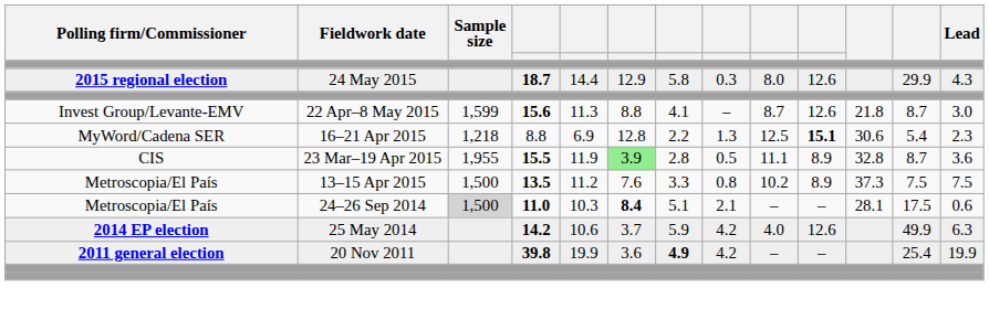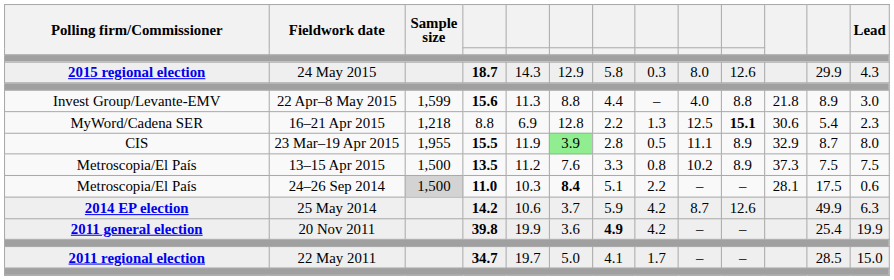 <table class="wikitable collapsible collapsed" style="text-align:center; font-size:90%; line-height:14px;">
 <tr style="height:42px;">
 <th style="width:250px;" rowspan="2">Polling firm/Commissioner</th>
 <th style="width:125px;" rowspan="2">Fieldwork date</th>
 <th style="width:50px;" rowspan="2">Sample size</th>
 <th style="width:35px;"></th>
 <th style="width:35px;"></th>
 <th style="width:35px;"></th>
 <th style="width:35px;"></th>
 <th style="width:35px;"></th>
 <th style="width:35px;"></th>
 <th style="width:35px;"></th>
 <th style="width:35px;" rowspan="2"></th>
 <th style="width:35px;" rowspan="2"></th>
 <th style="width:30px;" rowspan="2">Lead</th>
 </tr>
 <tr>
 <th style="color:inherit;background:"></th>
 <th style="color:inherit;background:"></th>
 <th style="color:inherit;background:"></th>
 <th style="color:inherit;background:"></th>
 <th style="color:inherit;background:"></th>
 <th style="color:inherit;background:"></th>
 <th style="color:inherit;background:"></th>
 </tr>
 <tr>
 <td colspan="13" style="background:#A0A0A0"></td>
 </tr>
 <tr style="background:#EFEFEF;">
 <td><strong><a href='#'>2015 regional election</a></strong></td>
 <td>24 May 2015</td>
 <td></td>
 <td><strong>18.7</strong></td>
-<td>14.4</td>
+<td>14.3</td>
 <td>12.9</td>
 <td>5.8</td>
 <td>0.3</td>
 <td>8.0</td>
 <td>12.6</td>
 <td></td>
 <td>29.9</td>
 <td style="background:">4.3</td>
 </tr>
 <tr>
 <td colspan="13" style="background:#A0A0A0"></td>
 </tr>
 <tr>
 <td>Invest Group/Levante-EMV</td>
 <td>22 Apr–8 May 2015</td>
 <td>1,599</td>
 <td><strong>15.6</strong></td>
 <td>11.3</td>
 <td>8.8</td>
-<td>4.1</td>
+<td>4.4</td>
 <td>–</td>
-<td>8.7</td>
-<td>12.6</td>
+<td>4.0</td>
+<td>8.8</td>
 <td>21.8</td>
-<td>8.7</td>
+<td>8.9</td>
 <td style="background:">3.0</td>
 </tr>
 <tr>
 <td>MyWord/Cadena SER</td>
 <td>16–21 Apr 2015</td>
 <td>1,218</td>
 <td>8.8</td>
 <td>6.9</td>
 <td>12.8</td>
 <td>2.2</td>
 <td>1.3</td>
 <td>12.5</td>
 <td><strong>15.1</strong></td>
 <td>30.6</td>
 <td>5.4</td>
 <td style="background:">2.3</td>
 </tr>
 <tr>
 <td>CIS</td>
 <td>23 Mar–19 Apr 2015</td>
 <td>1,955</td>
 <td><strong>15.5</strong></td>
 <td>11.9</td>
 <td style="background: lightgreen;">3.9</td>
 <td>2.8</td>
 <td>0.5</td>
 <td>11.1</td>
 <td>8.9</td>
-<td>32.8</td>
+<td>32.9</td>
 <td>8.7</td>
-<td style="background:">3.6</td>
+<td style="background:">8.0</td>
 </tr>
 <tr>
 <td>Metroscopia/El País</td>
 <td>13–15 Apr 2015</td>
 <td>1,500</td>
 <td><strong>13.5</strong></td>
 <td>11.2</td>
 <td>7.6</td>
 <td>3.3</td>
 <td>0.8</td>
 <td>10.2</td>
 <td>8.9</td>
 <td>37.3</td>
 <td>7.5</td>
 <td style="background:">7.5</td>
 </tr>
 <tr>
 <td>Metroscopia/El País</td>
 <td>24–26 Sep 2014</td>
 <td style="background: lightgrey;">1,500</td>
 <td><strong>11.0</strong></td>
 <td>10.3</td>
 <td><strong>8.4</strong></td>
 <td>5.1</td>
-<td>2.1</td>
+<td>2.2</td>
 <td>–</td>
 <td>–</td>
 <td>28.1</td>
 <td>17.5</td>
 <td style="background:">0.6</td>
 </tr>
 <tr style="background:#EFEFEF;">
 <td><strong><a href='#'>2014 EP election</a></strong></td>
 <td>25 May 2014</td>
 <td></td>
 <td><strong>14.2</strong></td>
 <td>10.6</td>
 <td>3.7</td>
 <td>5.9</td>
 <td>4.2</td>
-<td>4.0</td>
+<td>8.7</td>
 <td>12.6</td>
 <td></td>
 <td>49.9</td>
 <td style="background:">6.3</td>
 </tr>
 <tr style="background:#EFEFEF;">
 <td><strong><a href='#'>2011 general election</a></strong></td>
 <td>20 Nov 2011</td>
 <td></td>
 <td><strong>39.8</strong></td>
 <td>19.9</td>
 <td>3.6</td>
 <td><strong>4.9</strong></td>
 <td>4.2</td>
 <td>–</td>
 <td>–</td>
 <td></td>
 <td>25.4</td>
 <td style="background:">19.9</td>
 </tr>
 <tr>
 <td colspan="13" style="background:#A0A0A0"></td>
 </tr>
+<tr style="background:#EFEFEF;">
+<td><strong><a href='#'>2011 regional election</a></strong></td>
+<td>22 May 2011</td>
+<td></td>
+<td><strong>34.7</strong></td>
+<td>19.7</td>
+<td>5.0</td>
+<td>4.1</td>
+<td>1.7</td>
+<td>–</td>
+<td>–</td>
+<td></td>
+<td>28.5</td>
+<td style="background:">15.0</td>
+</tr>
 <tr>
 <td colspan="13" style="background:#A0A0A0"></td>
 </tr>
 </table>
